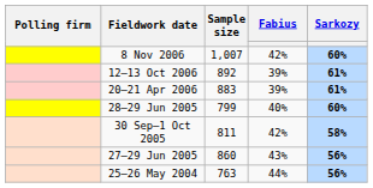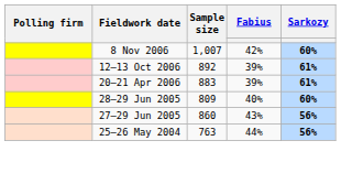 <table class="wikitable sortable" style="text-align:center;font-size:90%;line-height:14px;">
 <tr style="height:40px;">
 <th style="width:100px;" rowspan="2">Polling firm</th>
 <th style="width:110px;" rowspan="2">Fieldwork date</th>
 <th style="width:35px;" rowspan="2">Sample<br>size</th>
 <th class="unsortable" style="width:60px;"><a href='#'>Fabius</a><br></th>
 <th class="unsortable" style="width:60px;"><a href='#'>Sarkozy</a><br></th>
 </tr>
 <tr>
 <th style="background:"></th>
 <th style="background:"></th>
 </tr>
 <tr>
 <td style="background:yellow;"></td>
 <td data-sort-value="2006-11-08">8 Nov 2006</td>
 <td>1,007</td>
 <td>42%</td>
 <td style="background:#B9DAFF;"><strong>60%</strong></td>
 </tr>
 <tr>
 <td style="background:#FFCCCC;"></td>
 <td data-sort-value="2006-10-13">12–13 Oct 2006</td>
 <td>892</td>
 <td>39%</td>
 <td style="background:#B9DAFF;"><strong>61%</strong></td>
 </tr>
 <tr>
 <td style="background:#FFCCCC;"></td>
 <td data-sort-value="2006-04-21">20–21 Apr 2006</td>
 <td>883</td>
 <td>39%</td>
 <td style="background:#B9DAFF;"><strong>61%</strong></td>
 </tr>
 <tr>
 <td style="background:yellow;"></td>
 <td data-sort-value="2005-06-29">28–29 Jun 2005</td>
-<td>799</td>
+<td>809</td>
 <td>40%</td>
 <td style="background:#B9DAFF;"><strong>60%</strong></td>
-</tr>
-<tr>
-<td style="background:#FFDFCC;"></td>
-<td data-sort-value="2005-10-01">30 Sep–1 Oct 2005</td>
-<td>811</td>
-<td>42%</td>
-<td style="background:#B9DAFF;"><strong>58%</strong></td>
 </tr>
 <tr>
 <td style="background:#FFDFCC;"></td>
 <td data-sort-value="2005-06-29">27–29 Jun 2005</td>
 <td>860</td>
 <td>43%</td>
 <td style="background:#B9DAFF;"><strong>56%</strong></td>
 </tr>
 <tr>
 <td style="background:#FFDFCC;"></td>
 <td data-sort-value="2004-05-26">25–26 May 2004</td>
 <td>763</td>
 <td>44%</td>
 <td style="background:#B9DAFF;"><strong>56%</strong></td>
 </tr>
 </table>
